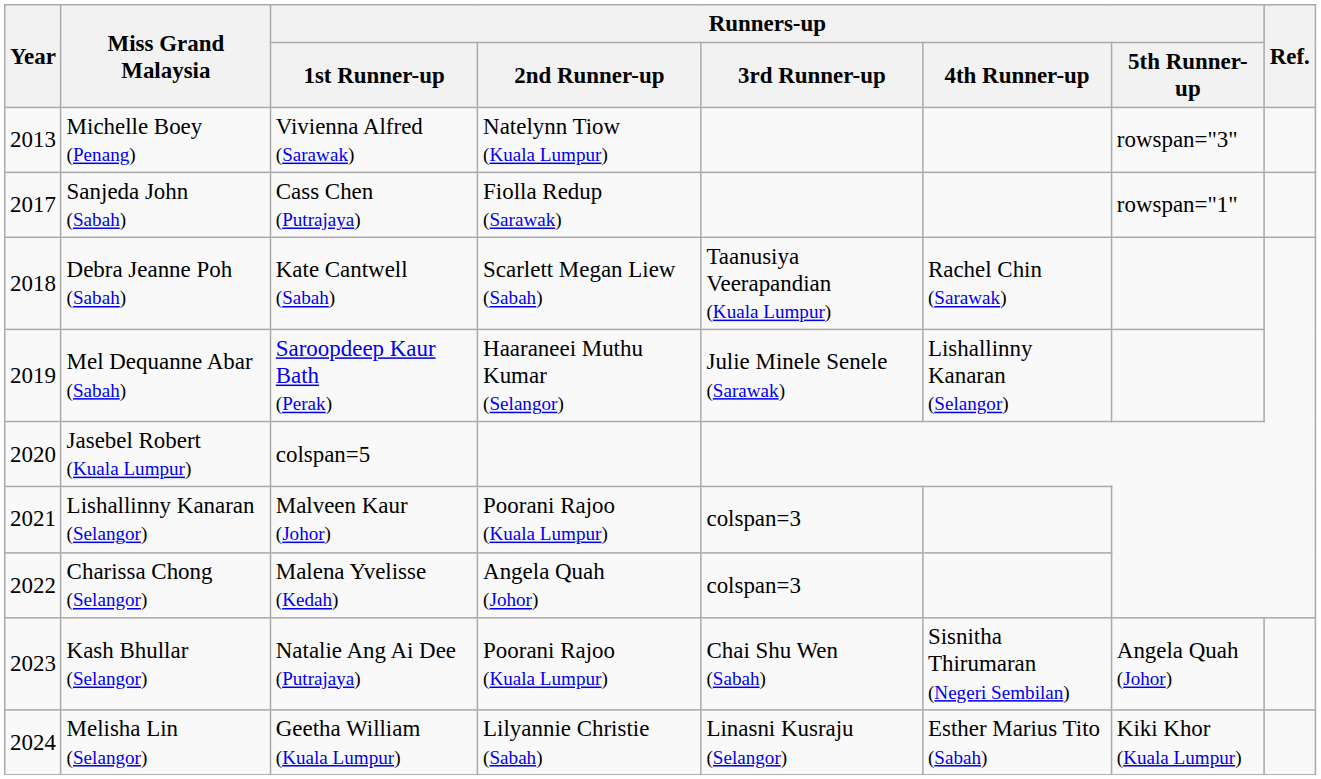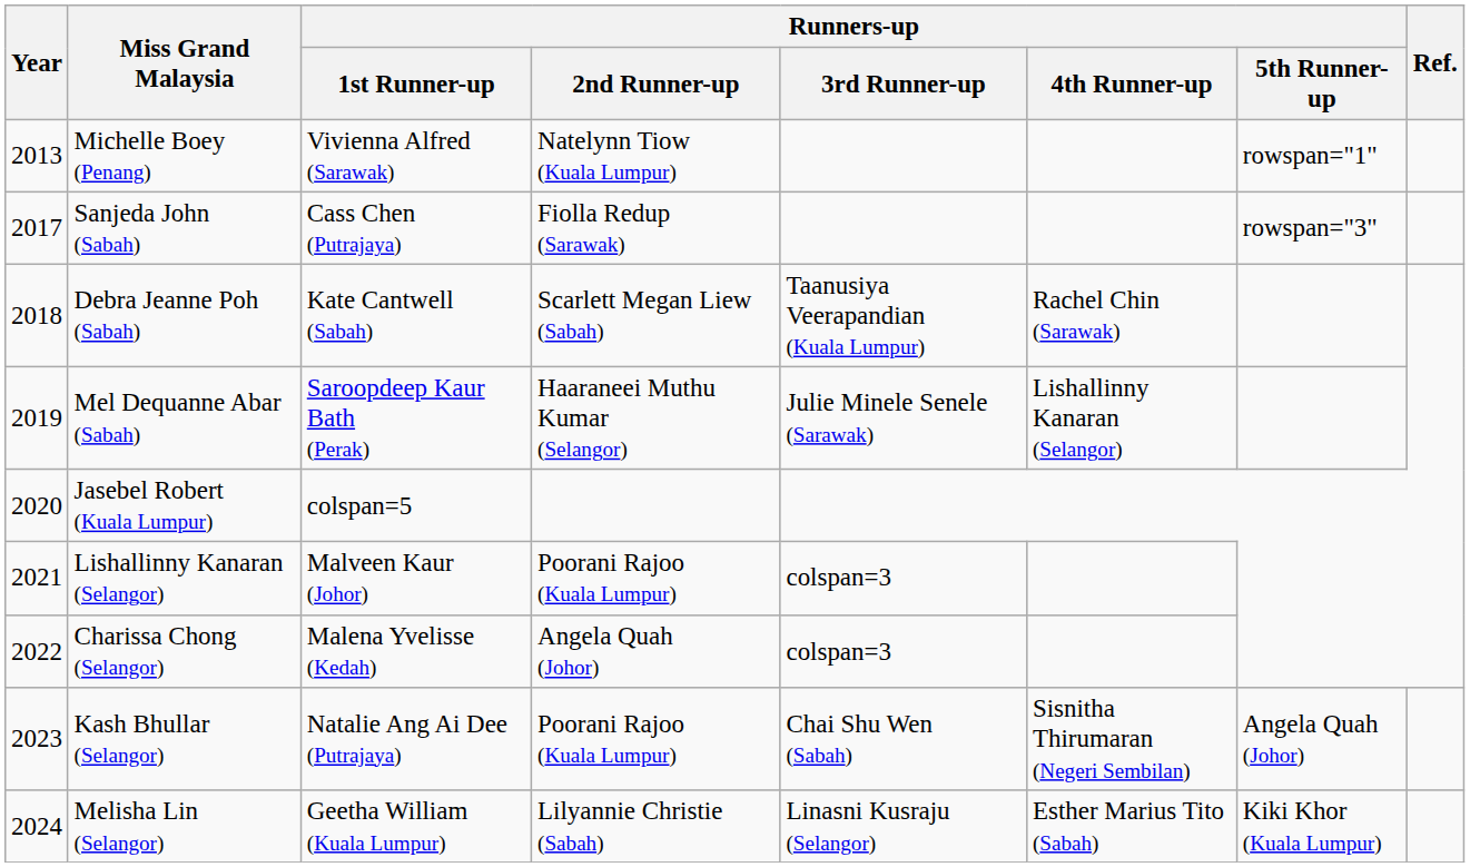 <table class="wikitable defaultcenter" style="font-size:95%">
 <tr>
 <th rowspan=2>Year</th>
 <th rowspan=2>Miss Grand Malaysia</th>
 <th colspan=5>Runners-up</th>
 <th rowspan=2>Ref.</th>
 </tr>
 <tr>
 <th>1st Runner-up</th>
 <th>2nd Runner-up</th>
 <th>3rd Runner-up</th>
 <th>4th Runner-up</th>
 <th>5th Runner-up</th>
 </tr>
 <tr>
 <td>2013</td>
 <td>Michelle Boey<br><small>(<a href='#'>Penang</a>)</small></td>
 <td>Vivienna Alfred<br><small>(<a href='#'>Sarawak</a>)</small></td>
 <td>Natelynn Tiow<br><small>(<a href='#'>Kuala Lumpur</a>)</small></td>
 <td></td>
 <td></td>
-<td>rowspan="3" </td>
+<td>rowspan="1" </td>
 <td align=center></td>
 </tr>
 <tr>
 <td>2017</td>
 <td>Sanjeda John<br><small>(<a href='#'>Sabah</a>)</small></td>
 <td>Cass Chen<br><small>(<a href='#'>Putrajaya</a>)</small></td>
 <td>Fiolla Redup<br><small>(<a href='#'>Sarawak</a>)</small></td>
 <td></td>
 <td></td>
-<td>rowspan="1" </td>
+<td>rowspan="3" </td>
 <td align=center></td>
 </tr>
 <tr>
 <td>2018</td>
 <td>Debra Jeanne Poh<br><small>(<a href='#'>Sabah</a>)</small></td>
 <td>Kate Cantwell<br><small>(<a href='#'>Sabah</a>)</small></td>
 <td>Scarlett Megan Liew<br><small>(<a href='#'>Sabah</a>)</small></td>
 <td>Taanusiya Veerapandian<br><small>(<a href='#'>Kuala Lumpur</a>)</small></td>
 <td>Rachel Chin<br><small>(<a href='#'>Sarawak</a>)</small></td>
 <td align="center"></td>
 </tr>
 <tr>
 <td>2019</td>
 <td>Mel Dequanne Abar<br><small>(<a href='#'>Sabah</a>)</small></td>
 <td><a href='#'>Saroopdeep Kaur Bath</a><br><small>(<a href='#'>Perak</a>)</small></td>
 <td>Haaraneei Muthu Kumar<br><small>(<a href='#'>Selangor</a>)</small></td>
 <td>Julie Minele Senele<br><small>(<a href='#'>Sarawak</a>)</small></td>
 <td>Lishallinny Kanaran<br><small>(<a href='#'>Selangor</a>)</small></td>
 <td align=center></td>
 </tr>
 <tr>
 <td>2020</td>
 <td>Jasebel Robert<br><small>(<a href='#'>Kuala Lumpur</a>)</small></td>
 <td>colspan=5 </td>
 <td align=center></td>
 </tr>
 <tr>
 <td>2021</td>
 <td>Lishallinny Kanaran<br><small>(<a href='#'>Selangor</a>)</small></td>
 <td>Malveen Kaur<br><small>(<a href='#'>Johor</a>)</small></td>
 <td>Poorani Rajoo<br><small>(<a href='#'>Kuala Lumpur</a>)</small></td>
 <td>colspan=3 </td>
 <td align=center></td>
 </tr>
 <tr>
 <td>2022</td>
 <td>Charissa Chong<br><small>(<a href='#'>Selangor</a>)</small></td>
 <td>Malena Yvelisse<br><small>(<a href='#'>Kedah</a>)</small></td>
 <td>Angela Quah<br><small>(<a href='#'>Johor</a>)</small></td>
 <td>colspan=3 </td>
 <td align=center></td>
 </tr>
 <tr>
 <td>2023</td>
 <td>Kash Bhullar<br><small>(<a href='#'>Selangor</a>)</small></td>
 <td>Natalie Ang Ai Dee<br><small>(<a href='#'>Putrajaya</a>)</small></td>
 <td>Poorani Rajoo<br><small>(<a href='#'>Kuala Lumpur</a>)</small></td>
 <td>Chai Shu Wen<br><small>(<a href='#'>Sabah</a>)</small></td>
 <td>Sisnitha Thirumaran<br><small>(<a href='#'>Negeri Sembilan</a>)</small></td>
 <td>Angela Quah<br><small>(<a href='#'>Johor</a>)</small></td>
 <td align=center></td>
 </tr>
 <tr>
 <td>2024</td>
 <td>Melisha Lin<br><small>(<a href='#'>Selangor</a>)</small></td>
 <td>Geetha William<br><small>(<a href='#'>Kuala Lumpur</a>)</small></td>
 <td>Lilyannie Christie<br><small>(<a href='#'>Sabah</a>)</small></td>
 <td>Linasni Kusraju<br><small>(<a href='#'>Selangor</a>)</small></td>
 <td>Esther Marius Tito<br><small>(<a href='#'>Sabah</a>)</small></td>
 <td>Kiki Khor<br><small>(<a href='#'>Kuala Lumpur</a>)</small></td>
 <td></td>
 </tr>
 </table>
